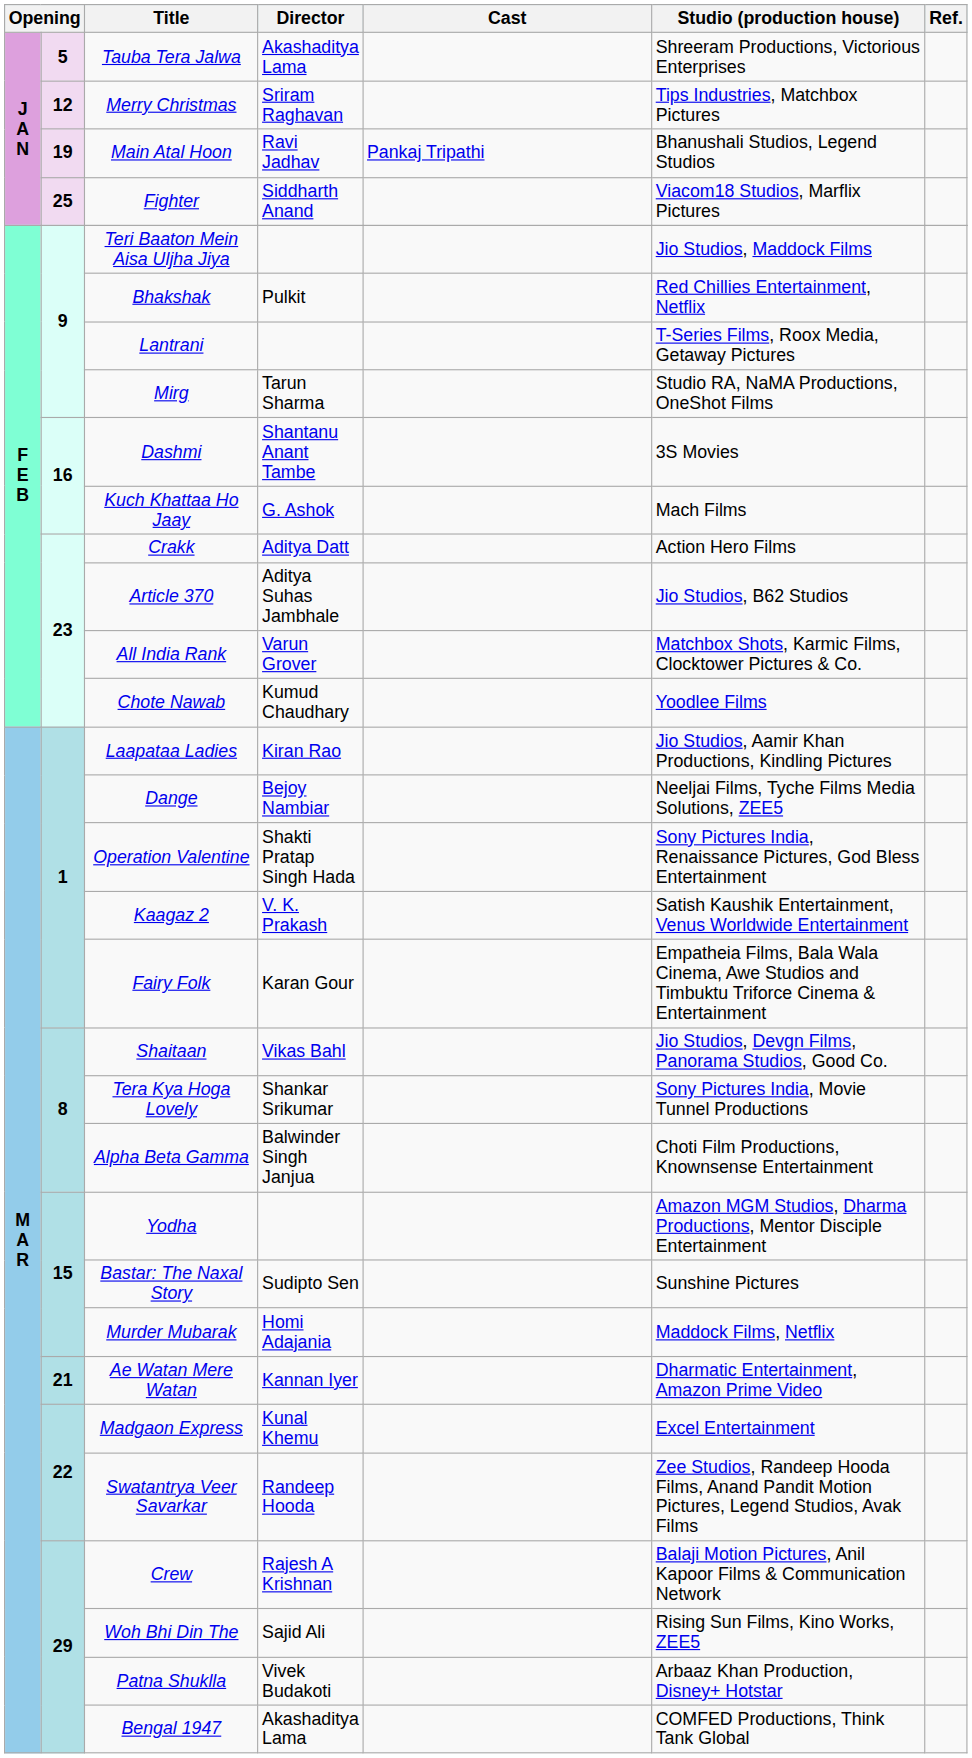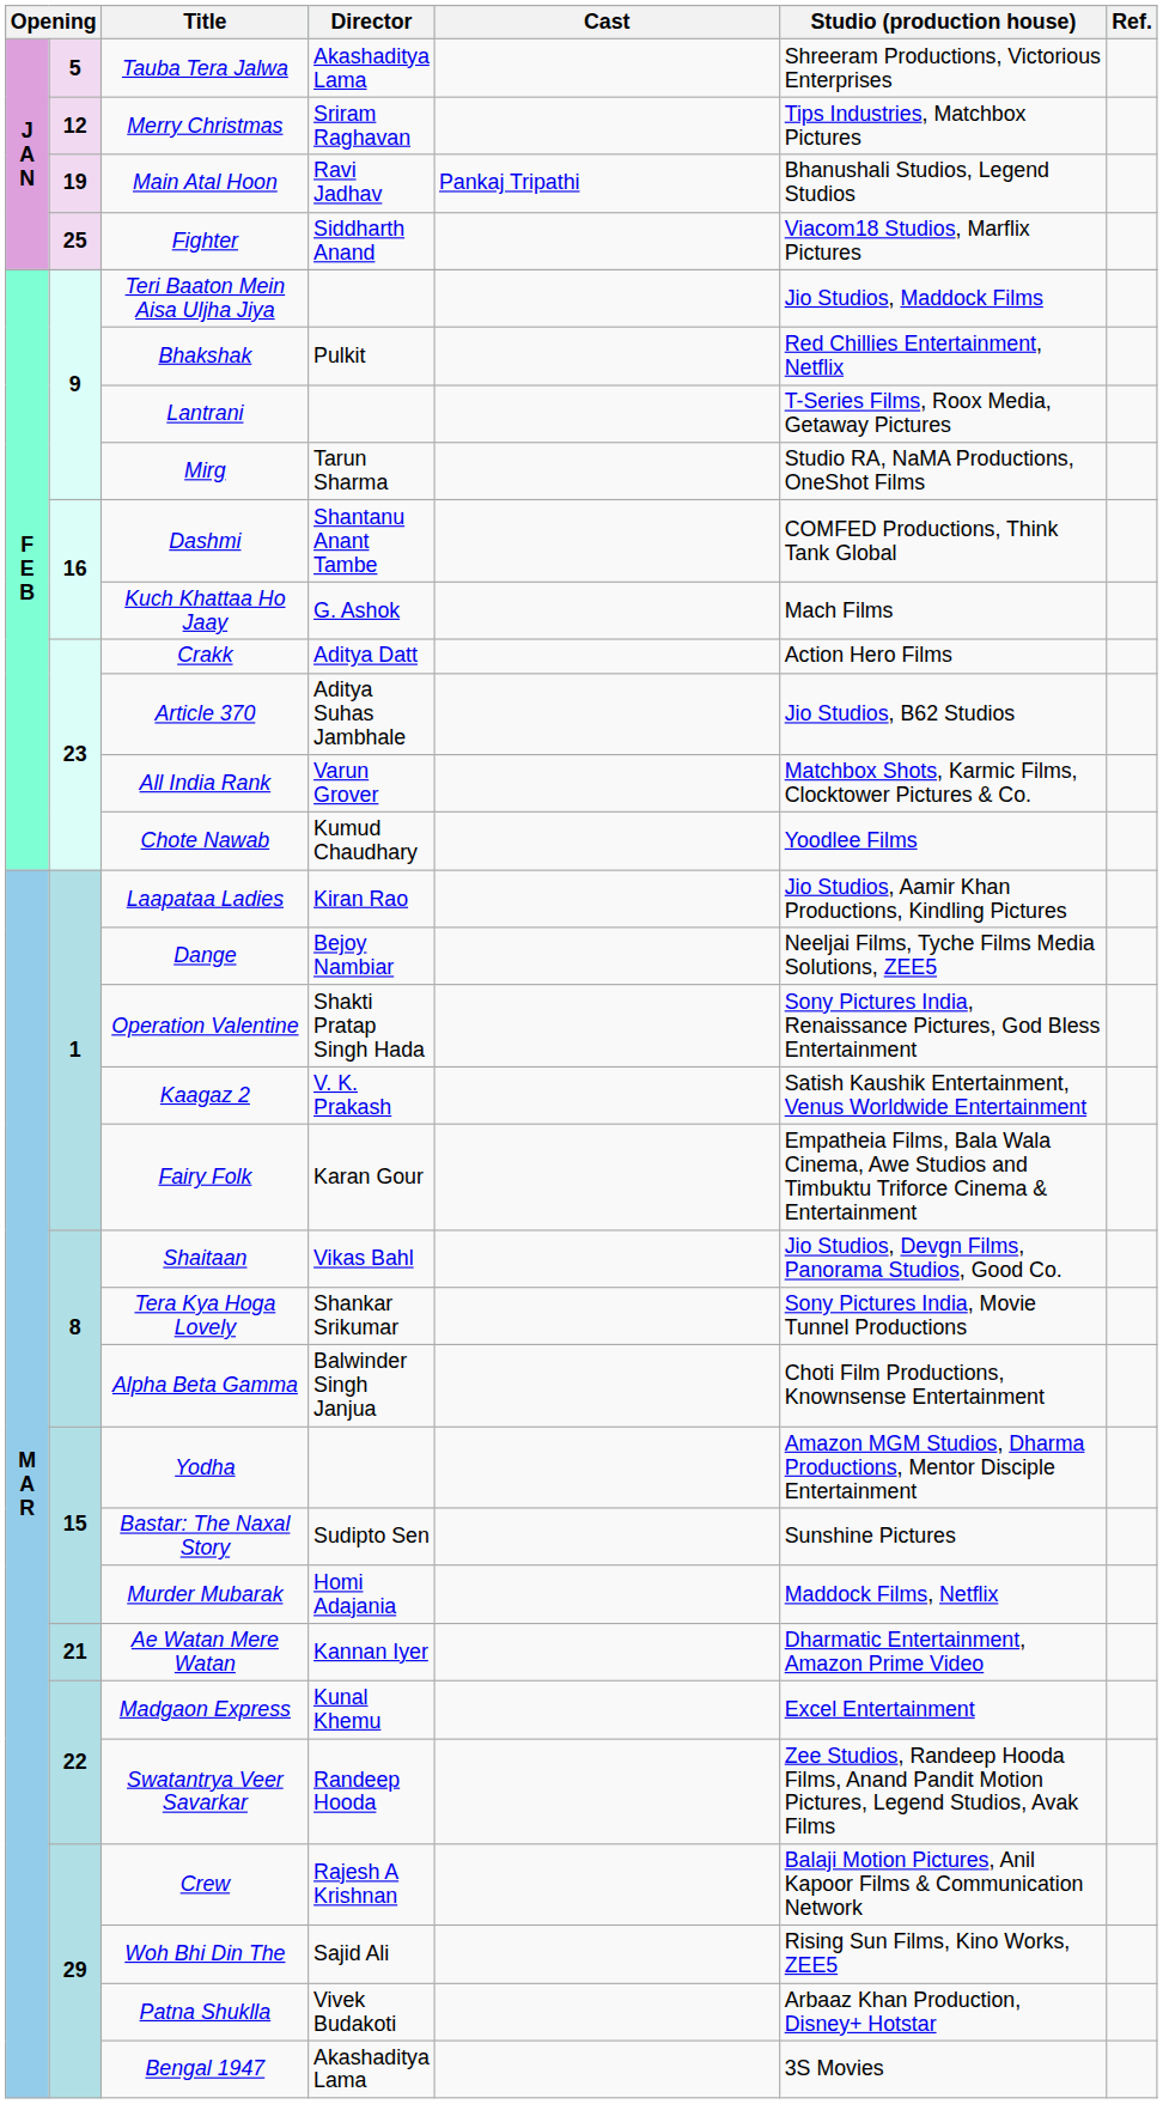 <table class="wikitable">
 <tr style="background:#b0e0e6; text-align:center;">
 <th colspan="2" style="width:6%;"><strong>Opening</strong></th>
 <th style="width:18%;"><strong>Title</strong></th>
 <th style="width:10.5%;"><strong>Director</strong></th>
 <th style="width:30%;"><strong>Cast</strong></th>
 <th>Studio (production house)</th>
 <th>Ref.</th>
 </tr>
 <tr>
 <td rowspan="4" style="text-align:center; background:plum; textcolor:#000;"><strong>J<br>A<br>N</strong></td>
 <td style="text-align:center;background:#f1daf1;"><strong>5</strong></td>
 <td style="text-align:center;"><em><a href='#'>Tauba Tera Jalwa</a></em></td>
 <td><a href='#'>Akashaditya Lama</a></td>
 <td></td>
 <td>Shreeram Productions, Victorious Enterprises</td>
 <td></td>
 </tr>
 <tr>
 <td style="text-align:center;background:#f1daf1;"><strong>12</strong></td>
 <td style="text-align:center;"><em><a href='#'>Merry Christmas</a></em></td>
 <td><a href='#'>Sriram Raghavan</a></td>
 <td></td>
 <td><a href='#'>Tips Industries</a>, Matchbox Pictures</td>
 <td></td>
 </tr>
 <tr>
 <td style="text-align:center;background:#f1daf1;"><strong>19</strong></td>
 <td style="text-align:center;"><em><a href='#'>Main Atal Hoon</a></em></td>
 <td><a href='#'>Ravi Jadhav</a></td>
 <td><a href='#'>Pankaj Tripathi</a></td>
 <td>Bhanushali Studios, Legend Studios</td>
 <td></td>
 </tr>
 <tr>
 <td style="text-align:center;background:#f1daf1;"><strong>25</strong></td>
 <td style="text-align:center;"><em><a href='#'>Fighter</a></em></td>
 <td><a href='#'>Siddharth Anand</a></td>
 <td></td>
 <td><a href='#'>Viacom18 Studios</a>, Marflix Pictures</td>
 <td></td>
 </tr>
 <tr>
 <td rowspan="11" style="text-align:center; background:#7FFFD4; textcolor:#000;"><strong>F<br>E<br>B</strong></td>
 </tr>
 <tr>
 <td rowspan="4" style="text-align:center; background:#dbfff8; textcolor:#000;"><strong>9</strong></td>
 <td style="text-align:center;"><em><a href='#'>Teri Baaton Mein Aisa Uljha Jiya</a></em></td>
 <td></td>
 <td></td>
 <td><a href='#'>Jio Studios</a>, <a href='#'>Maddock Films</a></td>
 <td></td>
 </tr>
 <tr>
 <td style="text-align:center;"><em><a href='#'>Bhakshak</a></em></td>
 <td>Pulkit</td>
 <td></td>
 <td><a href='#'>Red Chillies Entertainment</a>, <a href='#'>Netflix</a></td>
 <td></td>
 </tr>
 <tr>
 <td style="text-align:center;"><em><a href='#'>Lantrani</a></em></td>
 <td></td>
 <td></td>
 <td><a href='#'>T-Series Films</a>, Roox Media, Getaway Pictures</td>
 <td></td>
 </tr>
 <tr>
 <td style="text-align:center;"><em><a href='#'>Mirg</a></em></td>
 <td>Tarun Sharma</td>
 <td></td>
 <td>Studio RA, NaMA Productions, OneShot Films</td>
 <td></td>
 </tr>
 <tr>
 <td rowspan="2" style="text-align:center; background:#dbfff8; textcolor:#000;"><strong>16</strong></td>
 <td style="text-align:center;"><em><a href='#'>Dashmi</a></em></td>
 <td><a href='#'>Shantanu Anant Tambe</a></td>
 <td></td>
-<td>3S Movies</td>
+<td>COMFED Productions, Think Tank Global</td>
 <td></td>
 </tr>
 <tr>
 <td style="text-align:center;"><em><a href='#'>Kuch Khattaa Ho Jaay</a></em></td>
 <td><a href='#'>G. Ashok</a></td>
 <td></td>
 <td>Mach Films</td>
 <td></td>
 </tr>
 <tr>
 <td rowspan="4" style="text-align:center; background:#dbfff8; textcolor:#000;"><strong>23</strong></td>
 <td style="text-align:center;"><em><a href='#'>Crakk</a></em></td>
 <td><a href='#'>Aditya Datt</a></td>
 <td></td>
 <td>Action Hero Films</td>
 <td></td>
 </tr>
 <tr>
 <td style="text-align:center;"><em><a href='#'>Article 370</a></em></td>
 <td>Aditya Suhas Jambhale</td>
 <td></td>
 <td><a href='#'>Jio Studios</a>, B62 Studios</td>
 <td></td>
 </tr>
 <tr>
 <td style="text-align:center;"><em><a href='#'>All India Rank</a></em></td>
 <td><a href='#'>Varun Grover</a></td>
 <td></td>
 <td><a href='#'>Matchbox Shots</a>, Karmic Films, Clocktower Pictures & Co.</td>
 <td></td>
 </tr>
 <tr>
 <td style="text-align:center;"><em><a href='#'>Chote Nawab</a></em></td>
 <td>Kumud Chaudhary</td>
 <td></td>
 <td><a href='#'>Yoodlee Films</a></td>
 <td></td>
 </tr>
 <tr>
 <td rowspan="19" style="text-align:center; background:#93CCEA; textcolor:#000;"><strong>M<br>A<br>R</strong></td>
 <td rowspan="5" style="text-align:center;background:#B0E0E6;"><strong>1</strong></td>
 <td style="text-align:center;"><em><a href='#'>Laapataa Ladies</a></em></td>
 <td><a href='#'>Kiran Rao</a></td>
 <td></td>
 <td><a href='#'>Jio Studios</a>, Aamir Khan Productions, Kindling Pictures</td>
 <td></td>
 </tr>
 <tr>
 <td style="text-align:center;"><em><a href='#'>Dange</a></em></td>
 <td><a href='#'>Bejoy Nambiar</a></td>
 <td></td>
 <td>Neeljai Films, Tyche Films Media Solutions, <a href='#'>ZEE5</a></td>
 <td></td>
 </tr>
 <tr>
 <td style="text-align:center;"><em><a href='#'>Operation Valentine</a></em></td>
 <td>Shakti Pratap Singh Hada</td>
 <td></td>
 <td><a href='#'>Sony Pictures India</a>, Renaissance Pictures, God Bless Entertainment</td>
 <td></td>
 </tr>
 <tr>
 <td style="text-align:center;"><em><a href='#'>Kaagaz 2</a></em></td>
 <td><a href='#'>V. K. Prakash</a></td>
 <td></td>
 <td>Satish Kaushik Entertainment, <a href='#'>Venus Worldwide Entertainment</a></td>
 <td></td>
 </tr>
 <tr>
 <td style="text-align:center;"><em><a href='#'>Fairy Folk</a></em></td>
 <td>Karan Gour</td>
 <td></td>
 <td>Empatheia Films, Bala Wala Cinema, Awe Studios and Timbuktu Triforce Cinema & Entertainment</td>
 <td></td>
 </tr>
 <tr>
 <td rowspan="3" style="text-align:center;background:#B0E0E6;"><strong>8</strong></td>
 <td style="text-align:center;"><em><a href='#'>Shaitaan</a></em></td>
 <td><a href='#'>Vikas Bahl</a></td>
 <td></td>
 <td><a href='#'>Jio Studios</a>, <a href='#'>Devgn Films</a>, <a href='#'>Panorama Studios</a>, Good Co.</td>
 <td></td>
 </tr>
 <tr>
 <td style="text-align:center;"><em><a href='#'>Tera Kya Hoga Lovely </a></em></td>
 <td>Shankar Srikumar</td>
 <td></td>
 <td><a href='#'>Sony Pictures India</a>, Movie Tunnel Productions</td>
 <td></td>
 </tr>
 <tr>
 <td style="text-align:center;"><em><a href='#'>Alpha Beta Gamma</a></em></td>
 <td>Balwinder Singh Janjua</td>
 <td></td>
 <td>Choti Film Productions, Knownsense Entertainment</td>
 <td></td>
 </tr>
 <tr>
 <td rowspan="3" style="text-align:center;background:#B0E0E6;"><strong>15</strong></td>
 <td style="text-align:center;"><em><a href='#'>Yodha</a></em></td>
 <td></td>
 <td></td>
 <td><a href='#'>Amazon MGM Studios</a>, <a href='#'>Dharma Productions</a>, Mentor Disciple Entertainment</td>
 <td></td>
 </tr>
 <tr>
 <td style="text-align:center;"><em><a href='#'>Bastar: The Naxal Story</a></em></td>
 <td>Sudipto Sen</td>
 <td></td>
 <td>Sunshine Pictures</td>
 <td></td>
 </tr>
 <tr>
 <td style="text-align:center;"><em><a href='#'>Murder Mubarak</a></em></td>
 <td><a href='#'>Homi Adajania</a></td>
 <td></td>
 <td><a href='#'>Maddock Films</a>, <a href='#'>Netflix</a></td>
 <td></td>
 </tr>
 <tr>
 <td style="text-align:center;background:#B0E0E6;"><strong>21</strong></td>
 <td style="text-align:center;"><em><a href='#'>Ae Watan Mere Watan</a></em></td>
 <td><a href='#'>Kannan Iyer</a></td>
 <td></td>
 <td><a href='#'>Dharmatic Entertainment</a>, <a href='#'>Amazon Prime Video</a></td>
 <td></td>
 </tr>
 <tr>
 <td rowspan="2" style="text-align:center;background:#B0E0E6;"><strong>22</strong></td>
 <td style="text-align:center;"><em><a href='#'>Madgaon Express</a></em></td>
 <td><a href='#'>Kunal Khemu</a></td>
 <td></td>
 <td><a href='#'>Excel Entertainment</a></td>
 <td></td>
 </tr>
 <tr>
 <td style="text-align:center;"><em><a href='#'>Swatantrya Veer Savarkar</a></em></td>
 <td><a href='#'>Randeep Hooda</a></td>
 <td></td>
 <td><a href='#'>Zee Studios</a>, Randeep Hooda Films, Anand Pandit Motion Pictures, Legend Studios, Avak Films</td>
 <td></td>
 </tr>
 <tr>
 <td rowspan="4" style="text-align:center;background:#B0E0E6;"><strong>29</strong></td>
 <td style="text-align:center;"><em><a href='#'>Crew</a></em></td>
 <td><a href='#'>Rajesh A Krishnan</a></td>
 <td></td>
 <td><a href='#'>Balaji Motion Pictures</a>, Anil Kapoor Films & Communication Network</td>
 <td></td>
 </tr>
 <tr>
 <td style="text-align:center;"><em><a href='#'>Woh Bhi Din The</a></em></td>
 <td>Sajid Ali</td>
 <td></td>
 <td>Rising Sun Films, Kino Works, <a href='#'>ZEE5</a></td>
 <td></td>
 </tr>
 <tr>
 <td style="text-align:center;"><em><a href='#'>Patna Shuklla</a></em></td>
 <td>Vivek Budakoti</td>
 <td></td>
 <td>Arbaaz Khan Production, <a href='#'>Disney+ Hotstar</a></td>
 <td></td>
 </tr>
 <tr>
 <td style="text-align:center;"><em><a href='#'>Bengal 1947</a></em></td>
 <td>Akashaditya Lama</td>
 <td></td>
-<td>COMFED Productions, Think Tank Global</td>
+<td>3S Movies</td>
 <td></td>
 </tr>
 </table>
